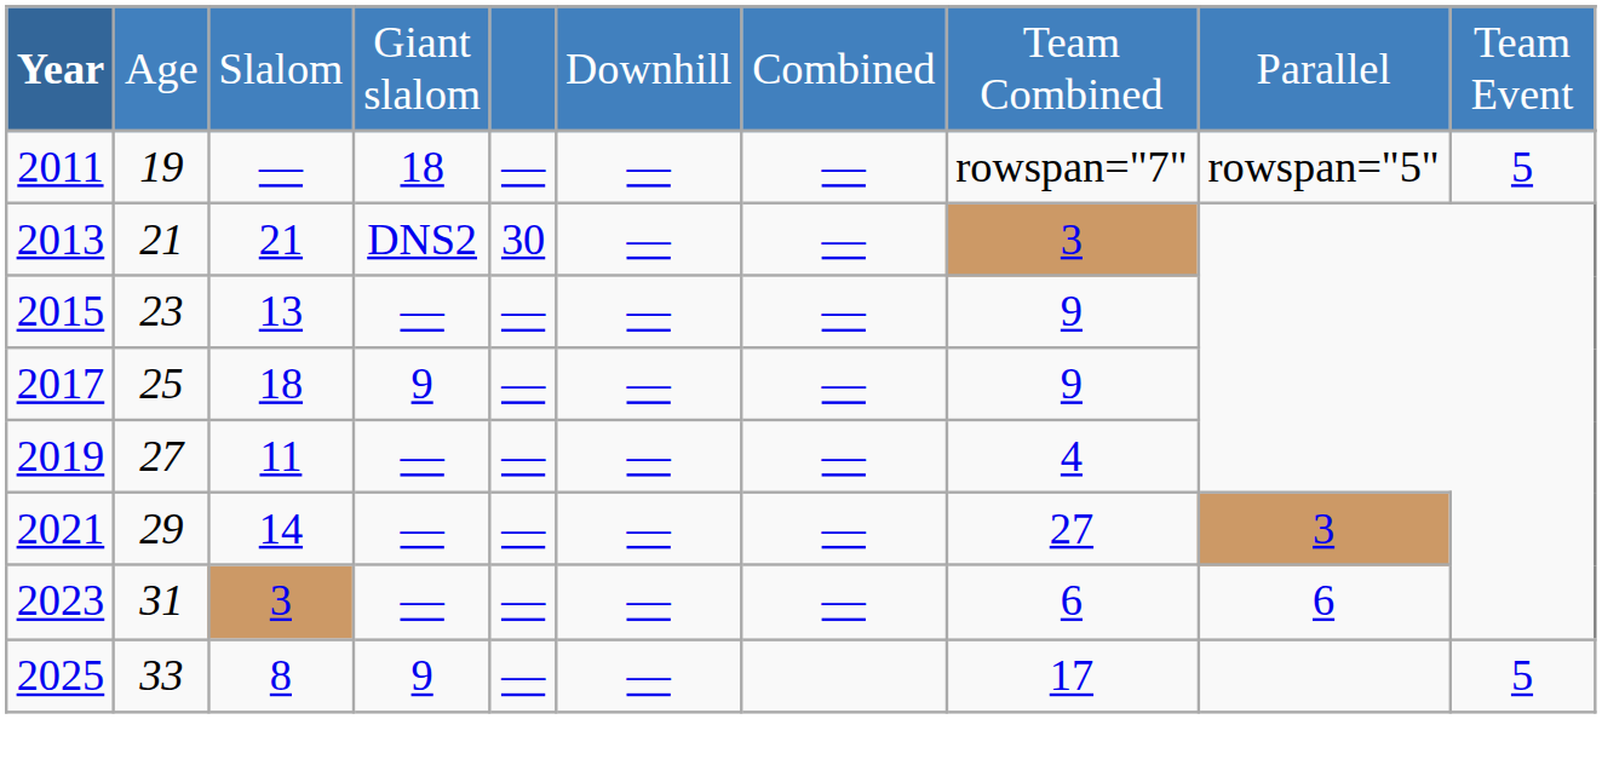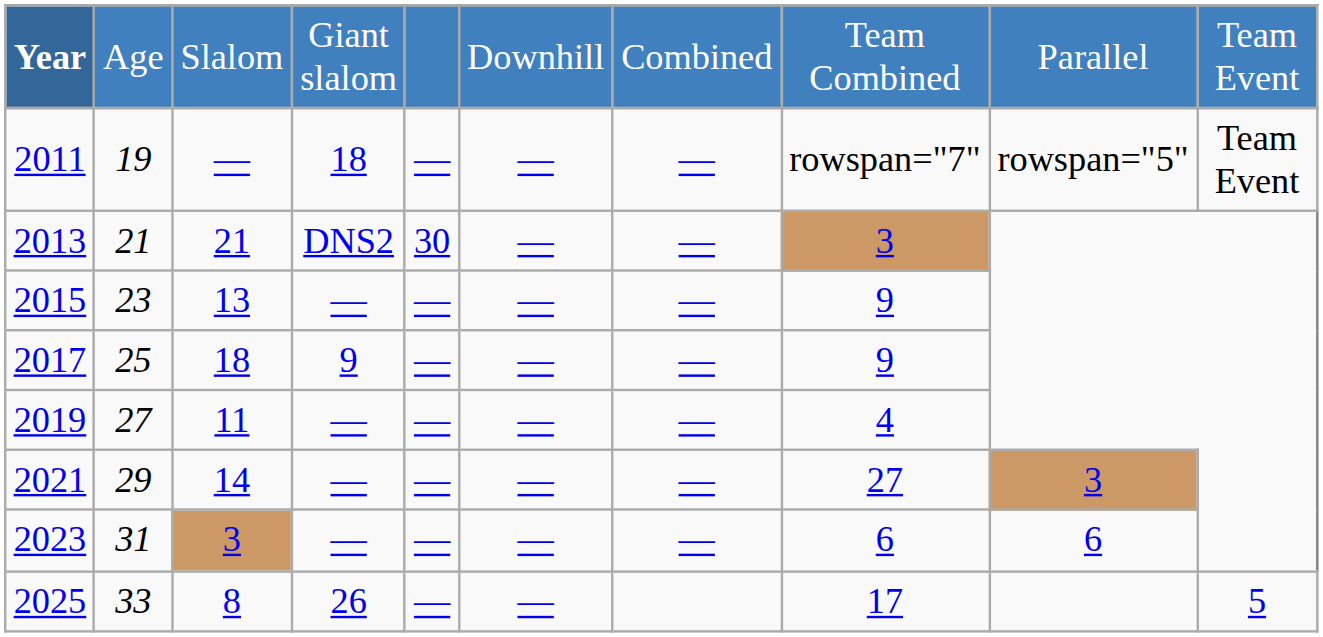 <table class="wikitable" style="font-size:95%; text-align:center; border:grey solid 1px; border-collapse:collapse;" width="40%">
 <tr style="background-color:#369; color:white;">
 <td rowspan="2" colspan="1" width="4%"><strong>Year</strong></td>
 </tr>
 <tr style="background-color:#4180be; color:white;">
 <td width="3%">Age</td>
 <td width="5%">Slalom</td>
 <td width="5%">Giant<br>slalom</td>
 <td width="5%"></td>
 <td width="5%">Downhill</td>
 <td width="5%">Combined</td>
 <td width="5%">Team<br>Combined</td>
 <td width="5%">Parallel</td>
 <td width="5%">Team<br> Event </td>
 </tr>
 <tr style="background-color:#8CB2D8; color:white;">
 </tr>
 <tr>
 <td><a href='#'>2011</a></td>
 <td><em>19</em></td>
 <td><a href='#'>—</a></td>
 <td><a href='#'>18</a></td>
 <td><a href='#'>—</a></td>
 <td><a href='#'>—</a></td>
 <td><a href='#'>—</a></td>
 <td>rowspan="7"</td>
 <td>rowspan="5" </td>
-<td><a href='#'>5</a></td>
+<td width="5%">Team<br> Event </td>
 </tr>
 <tr>
 <td><a href='#'>2013</a></td>
 <td><em>21</em></td>
 <td><a href='#'>21</a></td>
 <td><a href='#'>DNS2</a></td>
 <td><a href='#'>30</a></td>
 <td><a href='#'>—</a></td>
 <td><a href='#'>—</a></td>
 <td bgcolor="#c96"><a href='#'>3</a></td>
 </tr>
 <tr>
 <td><a href='#'>2015</a></td>
 <td><em>23</em></td>
 <td><a href='#'>13</a></td>
 <td><a href='#'>—</a></td>
 <td><a href='#'>—</a></td>
 <td><a href='#'>—</a></td>
 <td><a href='#'>—</a></td>
 <td><a href='#'>9</a></td>
 </tr>
 <tr>
 <td><a href='#'>2017</a></td>
 <td><em>25</em></td>
 <td><a href='#'>18</a></td>
 <td><a href='#'>9</a></td>
 <td><a href='#'>—</a></td>
 <td><a href='#'>—</a></td>
 <td><a href='#'>—</a></td>
 <td><a href='#'>9</a></td>
 </tr>
 <tr>
 <td><a href='#'>2019</a></td>
 <td><em>27</em></td>
 <td><a href='#'>11</a></td>
 <td><a href='#'>—</a></td>
 <td><a href='#'>—</a></td>
 <td><a href='#'>—</a></td>
 <td><a href='#'>—</a></td>
 <td><a href='#'>4</a></td>
 </tr>
 <tr>
 <td><a href='#'>2021</a></td>
 <td><em>29</em></td>
 <td><a href='#'>14</a></td>
 <td><a href='#'>—</a></td>
 <td><a href='#'>—</a></td>
 <td><a href='#'>—</a></td>
 <td><a href='#'>—</a></td>
 <td><a href='#'>27</a></td>
 <td bgcolor="#c96"><a href='#'>3</a></td>
 </tr>
 <tr>
 <td><a href='#'>2023</a></td>
 <td><em>31</em></td>
 <td bgcolor="#c96"><a href='#'>3</a></td>
 <td><a href='#'>—</a></td>
 <td><a href='#'>—</a></td>
 <td><a href='#'>—</a></td>
 <td><a href='#'>—</a></td>
 <td><a href='#'>6</a></td>
 <td><a href='#'>6</a></td>
 </tr>
 <tr>
 <td><a href='#'>2025</a></td>
 <td><em>33</em></td>
 <td><a href='#'>8</a></td>
-<td><a href='#'>9</a></td>
+<td><a href='#'>26</a></td>
 <td><a href='#'>—</a></td>
 <td><a href='#'>—</a></td>
 <td></td>
 <td><a href='#'>17</a></td>
 <td></td>
 <td><a href='#'>5</a></td>
 </tr>
 </table>
